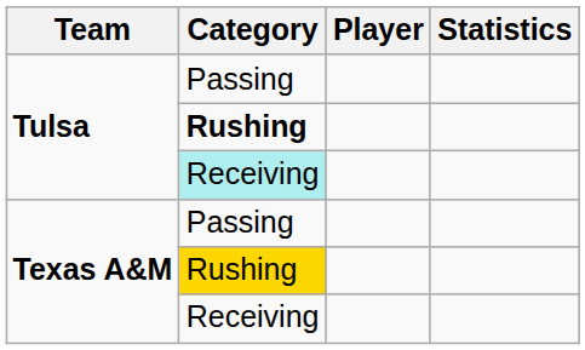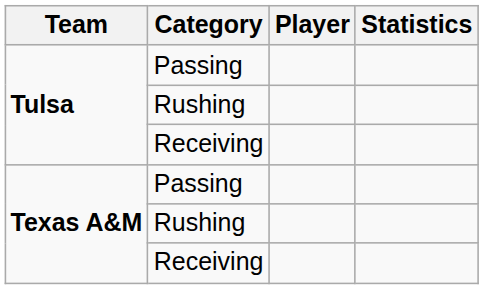 <table class="wikitable" style="float: right;">
 <tr>
 <th>Team</th>
 <th>Category</th>
 <th>Player</th>
 <th>Statistics</th>
 </tr>
 <tr>
 <td rowspan=3><strong>Tulsa</strong></td>
 <td>Passing</td>
 <td></td>
 <td></td>
 </tr>
 <tr>
-<td><strong>Rushing</strong></td>
+<td>Rushing</td>
 <td></td>
 <td></td>
 </tr>
 <tr>
-<td style="background: paleturquoise;">Receiving</td>
+<td>Receiving</td>
 <td></td>
 <td></td>
 </tr>
 <tr>
 <td rowspan=3><strong>Texas A&M</strong></td>
 <td>Passing</td>
 <td></td>
 <td></td>
 </tr>
 <tr>
-<td style="background: gold;">Rushing</td>
+<td>Rushing</td>
 <td></td>
 <td></td>
 </tr>
 <tr>
 <td>Receiving</td>
 <td></td>
 <td></td>
 </tr>
 </table>
